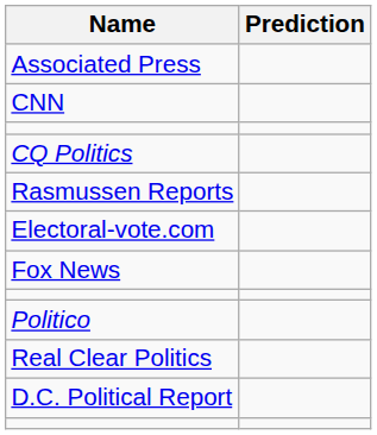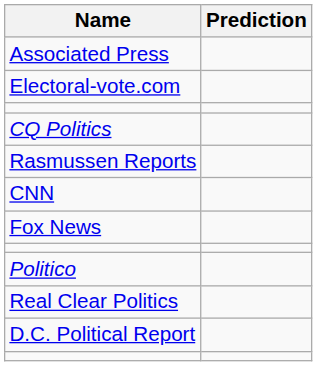 <table class="wikitable sortable">
 <tr valign=bottom>
 <th>Name</th>
 <th>Prediction</th>
 </tr>
 <tr>
 <td><a href='#'>Associated Press</a></td>
 <td></td>
 </tr>
 <tr>
-<td><a href='#'>CNN</a></td>
+<td><a href='#'>Electoral-vote.com</a></td>
 <td></td>
 </tr>
 <tr>
 <td></td>
 <td></td>
 </tr>
 <tr>
 <td><em><a href='#'>CQ Politics</a></em></td>
 <td></td>
 </tr>
 <tr>
 <td><a href='#'>Rasmussen Reports</a></td>
 <td></td>
 </tr>
 <tr>
-<td><a href='#'>Electoral-vote.com</a></td>
+<td><a href='#'>CNN</a></td>
 <td></td>
 </tr>
 <tr>
 <td><a href='#'>Fox News</a></td>
 <td></td>
 </tr>
 <tr>
 <td></td>
 <td></td>
 </tr>
 <tr>
 <td><em><a href='#'>Politico</a></em></td>
 <td></td>
 </tr>
 <tr>
 <td><a href='#'>Real Clear Politics</a></td>
 <td></td>
 </tr>
 <tr>
 <td><a href='#'>D.C. Political Report</a></td>
 <td></td>
 </tr>
 <tr>
 <td></td>
 <td></td>
 </tr>
 </table>
